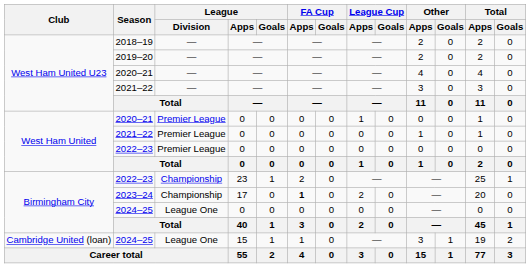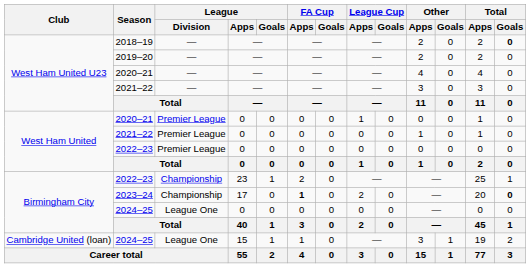 <table class="wikitable" style="text-align: center">
 <tr>
 <th rowspan="2">Club</th>
 <th rowspan="2">Season</th>
 <th colspan="3">League</th>
 <th colspan="2"><a href='#'>FA Cup</a></th>
 <th colspan="2"><a href='#'>League Cup</a></th>
 <th colspan="2">Other</th>
 <th colspan="2">Total</th>
 </tr>
 <tr>
 <th>Division</th>
 <th>Apps</th>
 <th>Goals</th>
 <th>Apps</th>
 <th>Goals</th>
 <th>Apps</th>
 <th>Goals</th>
 <th>Apps</th>
 <th>Goals</th>
 <th>Apps</th>
 <th>Goals</th>
 </tr>
 <tr>
 <td rowspan="5"><a href='#'>West Ham United U23</a></td>
 <td>2018–19</td>
 <td colspan=1>—</td>
 <td colspan=2>—</td>
 <td colspan=2>—</td>
 <td colspan=2>—</td>
 <td>2</td>
 <td>0</td>
 <td>2</td>
-<td>0</td>
+<td><strong>0</strong></td>
 </tr>
 <tr>
 <td>2019–20</td>
 <td colspan=1>—</td>
 <td colspan=2>—</td>
 <td colspan=2>—</td>
 <td colspan=2>—</td>
 <td>2</td>
 <td>0</td>
 <td>2</td>
 <td>0</td>
 </tr>
 <tr>
 <td>2020–21</td>
 <td colspan=1>—</td>
 <td colspan=2>—</td>
 <td colspan=2>—</td>
 <td colspan=2>—</td>
 <td>4</td>
 <td>0</td>
 <td>4</td>
 <td>0</td>
 </tr>
 <tr>
 <td>2021–22</td>
 <td colspan=1>—</td>
 <td colspan=2>—</td>
 <td colspan=2>—</td>
 <td colspan=2>—</td>
 <td>3</td>
 <td>0</td>
 <td>3</td>
 <td>0</td>
 </tr>
 <tr>
 <th colspan="2">Total</th>
 <th colspan=2>—</th>
 <th colspan=2>—</th>
 <th colspan=2>—</th>
 <th>11</th>
 <th>0</th>
 <th>11</th>
 <th>0</th>
 </tr>
 <tr>
 <td rowspan="4"><a href='#'>West Ham United</a></td>
 <td><a href='#'>2020–21</a></td>
 <td><a href='#'>Premier League</a></td>
 <td>0</td>
 <td>0</td>
 <td>0</td>
 <td>0</td>
 <td>1</td>
 <td>0</td>
 <td>0</td>
 <td>0</td>
 <td>1</td>
 <td>0</td>
 </tr>
 <tr>
 <td><a href='#'>2021–22</a></td>
 <td>Premier League</td>
 <td>0</td>
 <td>0</td>
 <td>0</td>
 <td>0</td>
 <td>0</td>
 <td>0</td>
 <td>1</td>
 <td>0</td>
 <td>1</td>
 <td>0</td>
 </tr>
 <tr>
 <td><a href='#'>2022–23</a></td>
 <td>Premier League</td>
 <td>0</td>
 <td>0</td>
 <td>0</td>
 <td>0</td>
 <td>0</td>
 <td>0</td>
 <td>0</td>
 <td>0</td>
 <td>0</td>
 <td>0</td>
 </tr>
 <tr>
 <th colspan="2">Total</th>
 <th>0</th>
 <th>0</th>
 <th>0</th>
 <th>0</th>
 <th>1</th>
 <th>0</th>
 <th>1</th>
 <th>0</th>
 <th>2</th>
 <th>0</th>
 </tr>
 <tr>
 <td rowspan="4"><a href='#'>Birmingham City</a></td>
 <td><a href='#'>2022–23</a></td>
 <td><a href='#'>Championship</a></td>
 <td>23</td>
 <td>1</td>
 <td>2</td>
 <td>0</td>
 <td colspan="2">—</td>
 <td colspan="2">—</td>
 <td>25</td>
 <td>1</td>
 </tr>
 <tr>
 <td><a href='#'>2023–24</a></td>
 <td>Championship</td>
 <td>17</td>
 <td>0</td>
 <td><strong>1</strong></td>
 <td>0</td>
 <td>2</td>
 <td>0</td>
 <td colspan="2">—</td>
 <td>20</td>
-<td>0</td>
+<td><strong>0</strong></td>
 </tr>
 <tr>
 <td><a href='#'>2024–25</a></td>
 <td>League One</td>
 <td>0</td>
 <td>0</td>
 <td>0</td>
 <td>0</td>
 <td>0</td>
 <td>0</td>
 <td colspan="2">—</td>
 <td>0</td>
 <td>0</td>
 </tr>
 <tr>
 <th colspan="2">Total</th>
 <th>40</th>
 <th>1</th>
 <th>3</th>
 <th>0</th>
 <th>2</th>
 <th>0</th>
 <th colspan="2">—</th>
 <th>45</th>
 <th>1</th>
 </tr>
 <tr>
 <td><a href='#'>Cambridge United</a> (loan)</td>
 <td><a href='#'>2024–25</a></td>
 <td>League One</td>
 <td>15</td>
 <td>1</td>
 <td>1</td>
 <td>0</td>
 <td colspan="2">—</td>
 <td>3</td>
 <td>1</td>
 <td>19</td>
 <td>2</td>
 </tr>
 <tr>
 <th colspan="3">Career total</th>
 <th>55</th>
 <th>2</th>
 <th>4</th>
 <th>0</th>
 <th>3</th>
 <th>0</th>
 <th>15</th>
 <th>1</th>
 <th>77</th>
 <th>3</th>
 </tr>
 </table>
